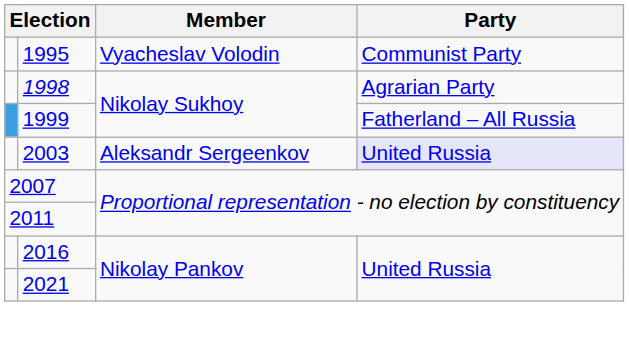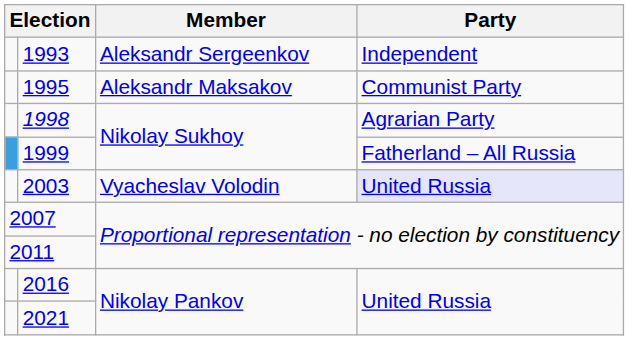 <table class="wikitable">
 <tr>
 <th colspan="2">Election</th>
 <th>Member</th>
 <th>Party</th>
 </tr>
 <tr>
 <td style="background-color: "></td>
+<td><a href='#'>1993</a></td>
+<td><a href='#'>Aleksandr Sergeenkov</a></td>
+<td><a href='#'>Independent</a></td>
+</tr>
+<tr>
+<td style="background-color: "></td>
 <td><a href='#'>1995</a></td>
-<td><a href='#'>Vyacheslav Volodin</a></td>
+<td><a href='#'>Aleksandr Maksakov</a></td>
 <td><a href='#'>Communist Party</a></td>
 </tr>
 <tr>
 <td style="background-color:"></td>
 <td><em><a href='#'>1998</a></em></td>
 <td rowspan=2><a href='#'>Nikolay Sukhoy</a></td>
 <td><a href='#'>Agrarian Party</a></td>
 </tr>
 <tr>
 <td style="background-color:#3B9EDF"></td>
 <td><a href='#'>1999</a></td>
 <td><a href='#'>Fatherland – All Russia</a></td>
 </tr>
 <tr>
 <td style="background-color: "></td>
 <td><a href='#'>2003</a></td>
-<td><a href='#'>Aleksandr Sergeenkov</a></td>
+<td><a href='#'>Vyacheslav Volodin</a></td>
 <td style="background: lavender;"><a href='#'>United Russia</a></td>
 </tr>
 <tr>
 <td colspan=2><a href='#'>2007</a></td>
 <td colspan=2 rowspan=2><em><a href='#'>Proportional representation</a> - no election by constituency</em></td>
 </tr>
 <tr>
 <td colspan=2><a href='#'>2011</a></td>
 </tr>
 <tr>
 <td style="background-color: "></td>
 <td><a href='#'>2016</a></td>
 <td rowspan=2><a href='#'>Nikolay Pankov</a></td>
 <td rowspan=2><a href='#'>United Russia</a></td>
 </tr>
 <tr>
 <td style="background-color: "></td>
 <td><a href='#'>2021</a></td>
 </tr>
 </table>
